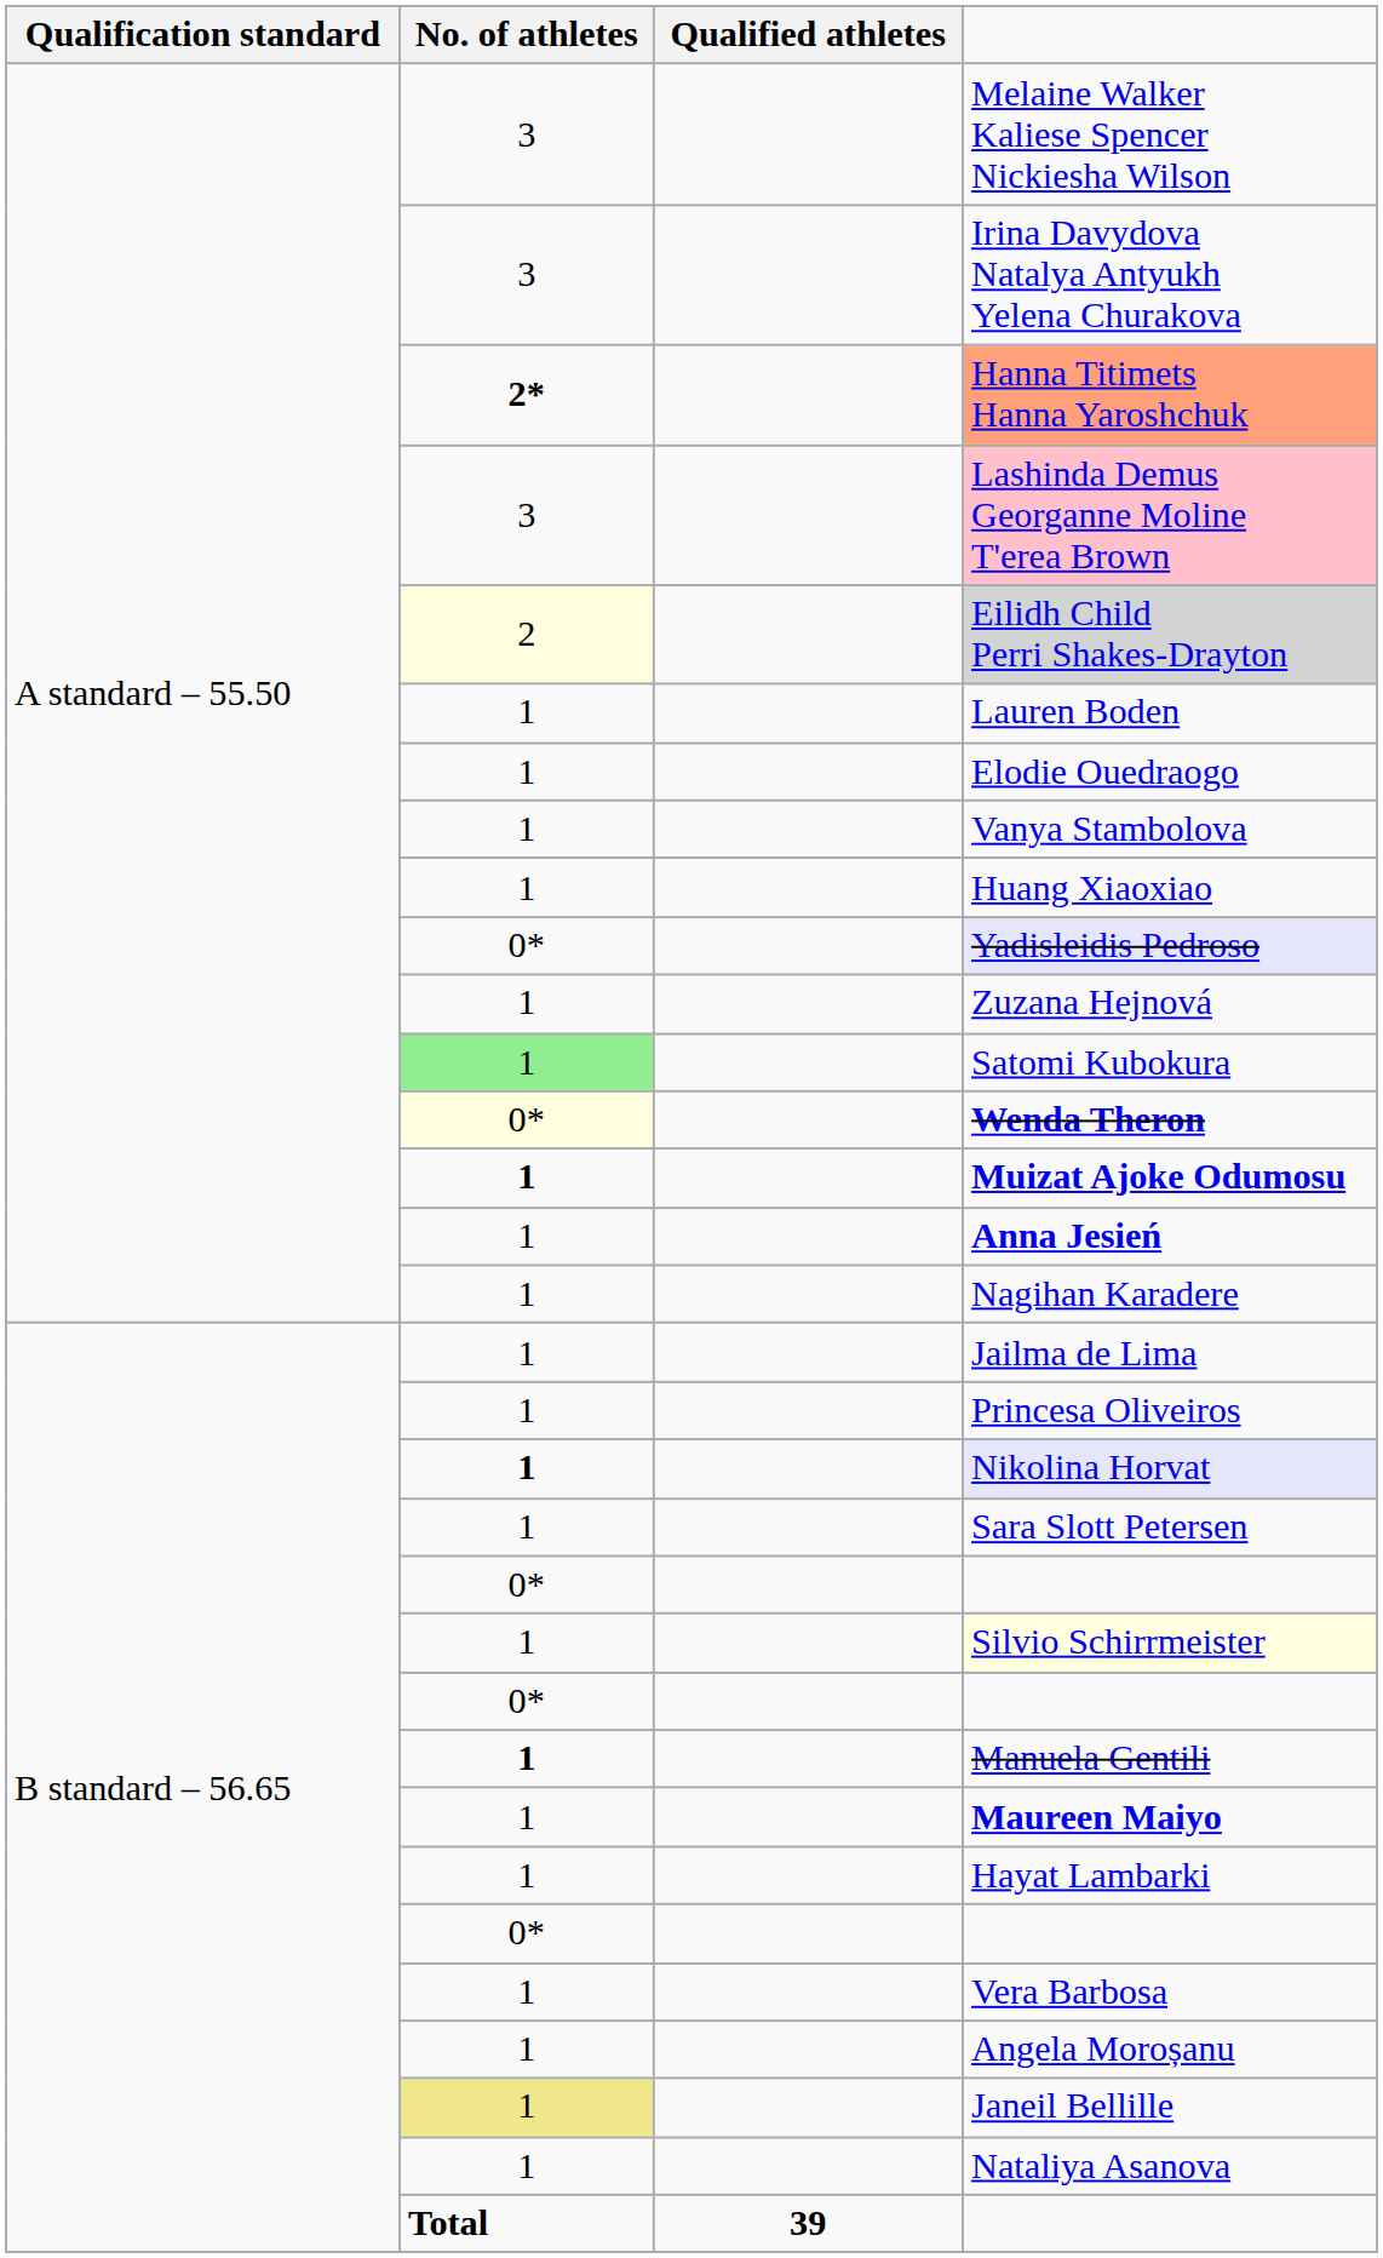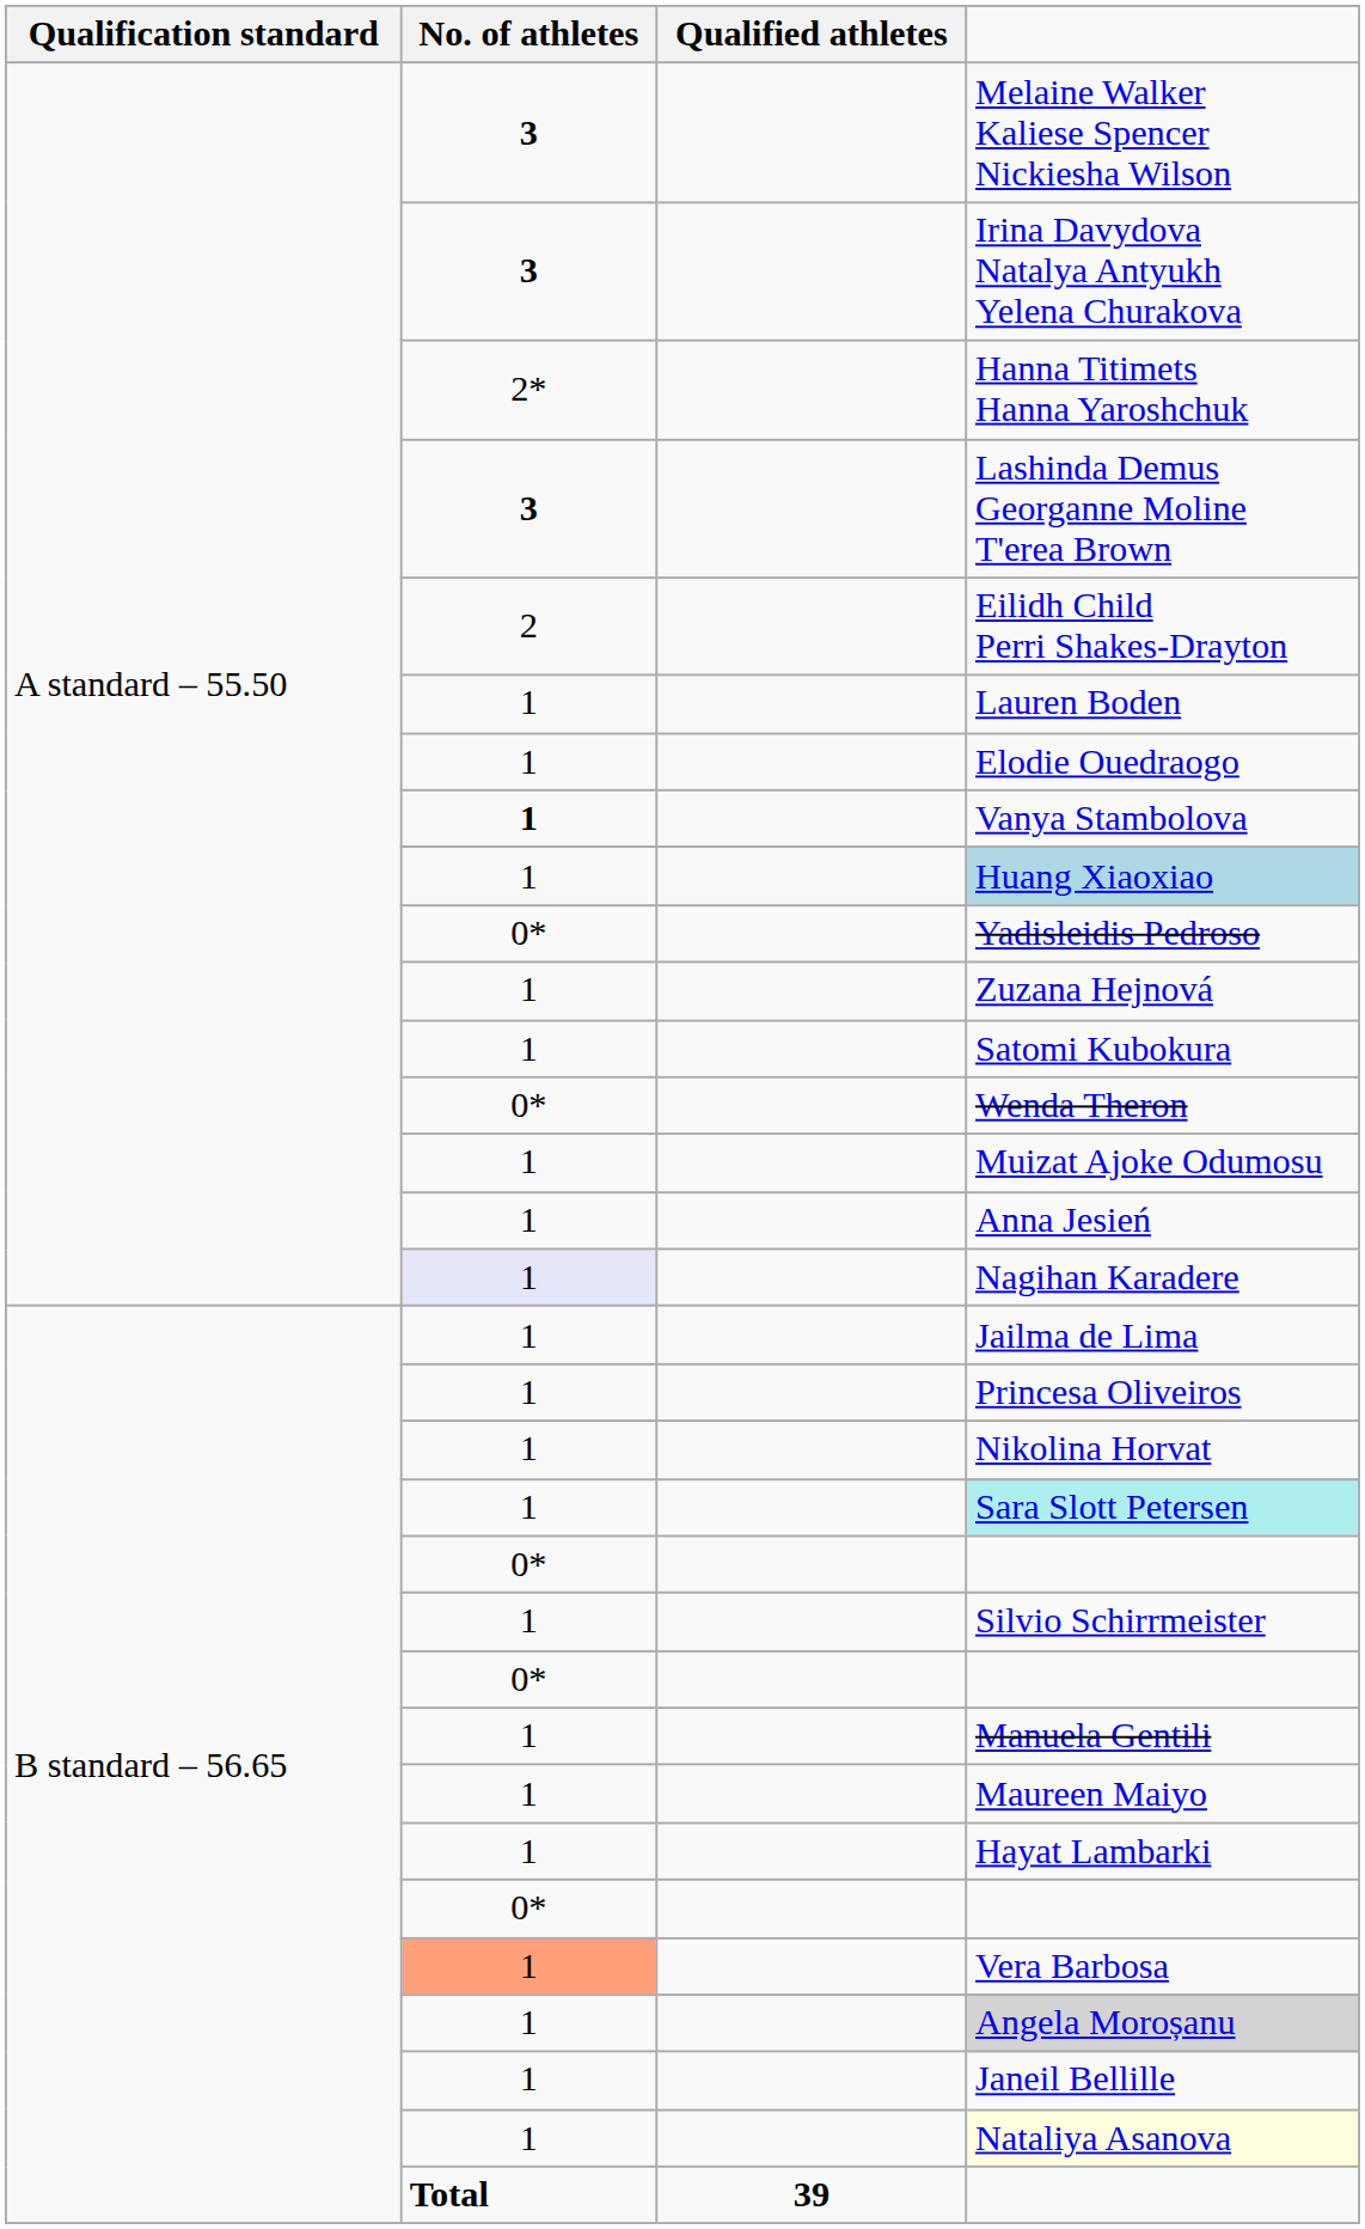 <table class="wikitable"  style="text-align:left; width:600px;">
 <tr>
 <th>Qualification standard</th>
 <th>No. of athletes</th>
 <th>Qualified athletes</th>
 </tr>
 <tr>
 <td rowspan="16">A standard – 55.50</td>
-<td align=center>3</td>
+<td align=center><strong>3</strong></td>
 <td></td>
 <td><a href='#'>Melaine Walker</a><br><a href='#'>Kaliese Spencer</a><br><a href='#'>Nickiesha Wilson</a></td>
 </tr>
 <tr>
-<td align=center>3</td>
+<td align=center><strong>3</strong></td>
 <td></td>
 <td><a href='#'>Irina Davydova</a><br><a href='#'>Natalya Antyukh</a><br><a href='#'>Yelena Churakova</a></td>
 </tr>
 <tr>
-<td align=center><strong>2*</strong></td>
+<td align=center>2*</td>
 <td></td>
-<td style="background: lightsalmon;"><a href='#'>Hanna Titimets</a><br><a href='#'>Hanna Yaroshchuk</a></td>
+<td><a href='#'>Hanna Titimets</a><br><a href='#'>Hanna Yaroshchuk</a></td>
 </tr>
 <tr>
-<td align=center>3</td>
+<td align=center><strong>3</strong></td>
 <td></td>
-<td style="background: pink;"><a href='#'>Lashinda Demus</a><br><a href='#'>Georganne Moline</a><br><a href='#'>T'erea Brown</a></td>
+<td><a href='#'>Lashinda Demus</a><br><a href='#'>Georganne Moline</a><br><a href='#'>T'erea Brown</a></td>
 </tr>
 <tr>
-<td align=center style="background: lightyellow;">2</td>
+<td align=center>2</td>
 <td></td>
-<td style="background: lightgrey;"><a href='#'>Eilidh Child</a><br><a href='#'>Perri Shakes-Drayton</a></td>
+<td><a href='#'>Eilidh Child</a><br><a href='#'>Perri Shakes-Drayton</a></td>
 </tr>
 <tr>
 <td align=center>1</td>
 <td></td>
 <td><a href='#'>Lauren Boden</a></td>
 </tr>
 <tr>
 <td align=center>1</td>
 <td></td>
 <td><a href='#'>Elodie Ouedraogo</a></td>
 </tr>
 <tr>
-<td align=center>1</td>
+<td align=center><strong>1</strong></td>
 <td></td>
 <td><a href='#'>Vanya Stambolova</a></td>
 </tr>
 <tr>
 <td align=center>1</td>
 <td></td>
-<td><a href='#'>Huang Xiaoxiao</a></td>
+<td style="background: lightblue;"><a href='#'>Huang Xiaoxiao</a></td>
 </tr>
 <tr>
 <td align=center>0*</td>
 <td></td>
-<td style="background: lavender;"><s><a href='#'>Yadisleidis Pedroso</a></s></td>
+<td><s><a href='#'>Yadisleidis Pedroso</a></s></td>
 </tr>
 <tr>
 <td align=center>1</td>
 <td></td>
 <td><a href='#'>Zuzana Hejnová</a></td>
 </tr>
 <tr>
-<td align=center style="background: lightgreen;">1</td>
+<td align=center>1</td>
 <td></td>
 <td><a href='#'>Satomi Kubokura</a></td>
 </tr>
 <tr>
-<td align=center style="background: lightyellow;">0*</td>
+<td align=center>0*</td>
 <td></td>
-<td><strong><s><a href='#'>Wenda Theron</a></s></strong></td>
-</tr>
-<tr>
-<td align=center><strong>1</strong></td>
-<td></td>
-<td><strong><a href='#'>Muizat Ajoke Odumosu</a></strong></td>
+<td><s><a href='#'>Wenda Theron</a></s></td>
 </tr>
 <tr>
 <td align=center>1</td>
 <td></td>
-<td><strong><a href='#'>Anna Jesień</a></strong></td>
+<td><a href='#'>Muizat Ajoke Odumosu</a></td>
 </tr>
 <tr>
 <td align=center>1</td>
+<td></td>
+<td><a href='#'>Anna Jesień</a></td>
+</tr>
+<tr>
+<td align=center style="background: lavender;">1</td>
 <td></td>
 <td><a href='#'>Nagihan Karadere</a></td>
 </tr>
 <tr>
 <td rowspan="16">B standard – 56.65</td>
 <td align=center>1</td>
 <td></td>
 <td><a href='#'>Jailma de Lima</a></td>
 </tr>
 <tr>
 <td align=center>1</td>
 <td></td>
 <td><a href='#'>Princesa Oliveiros</a></td>
 </tr>
 <tr>
-<td align=center><strong>1</strong></td>
+<td align=center>1</td>
 <td></td>
-<td style="background: lavender;"><a href='#'>Nikolina Horvat</a></td>
+<td><a href='#'>Nikolina Horvat</a></td>
 </tr>
 <tr>
 <td align=center>1</td>
 <td></td>
-<td><a href='#'>Sara Slott Petersen</a></td>
+<td style="background: paleturquoise;"><a href='#'>Sara Slott Petersen</a></td>
 </tr>
 <tr>
 <td align=center>0*</td>
 <td><s></s></td>
 </tr>
 <tr>
 <td align=center>1</td>
 <td></td>
-<td style="background: lightyellow;"><a href='#'>Silvio Schirrmeister</a></td>
+<td><a href='#'>Silvio Schirrmeister</a></td>
 </tr>
 <tr>
 <td align=center>0*</td>
 <td><s></s></td>
 </tr>
 <tr>
-<td align=center><strong>1</strong></td>
+<td align=center>1</td>
 <td></td>
 <td><del><a href='#'>Manuela Gentili</a></del></td>
 </tr>
 <tr>
 <td align=center>1</td>
 <td></td>
-<td><strong><a href='#'>Maureen Maiyo</a></strong></td>
+<td><a href='#'>Maureen Maiyo</a></td>
 </tr>
 <tr>
 <td align=center>1</td>
 <td></td>
 <td><a href='#'>Hayat Lambarki</a></td>
 </tr>
 <tr>
 <td align=center>0*</td>
 <td><s></s></td>
 </tr>
 <tr>
-<td align=center>1</td>
+<td align=center style="background: lightsalmon;">1</td>
 <td></td>
 <td><a href='#'>Vera Barbosa</a></td>
 </tr>
 <tr>
 <td align=center>1</td>
 <td></td>
-<td><a href='#'>Angela Moroșanu</a></td>
+<td style="background: lightgrey;"><a href='#'>Angela Moroșanu</a></td>
 </tr>
 <tr>
-<td align=center style="background: khaki;">1</td>
+<td align=center>1</td>
 <td></td>
 <td><a href='#'>Janeil Bellille</a></td>
 </tr>
 <tr>
 <td align=center>1</td>
 <td></td>
-<td><a href='#'>Nataliya Asanova</a></td>
+<td style="background: lightyellow;"><a href='#'>Nataliya Asanova</a></td>
 </tr>
 <tr>
 <td><strong>Total</strong></td>
 <td align=center><strong>39</strong></td>
 <td></td>
 </tr>
 </table>
